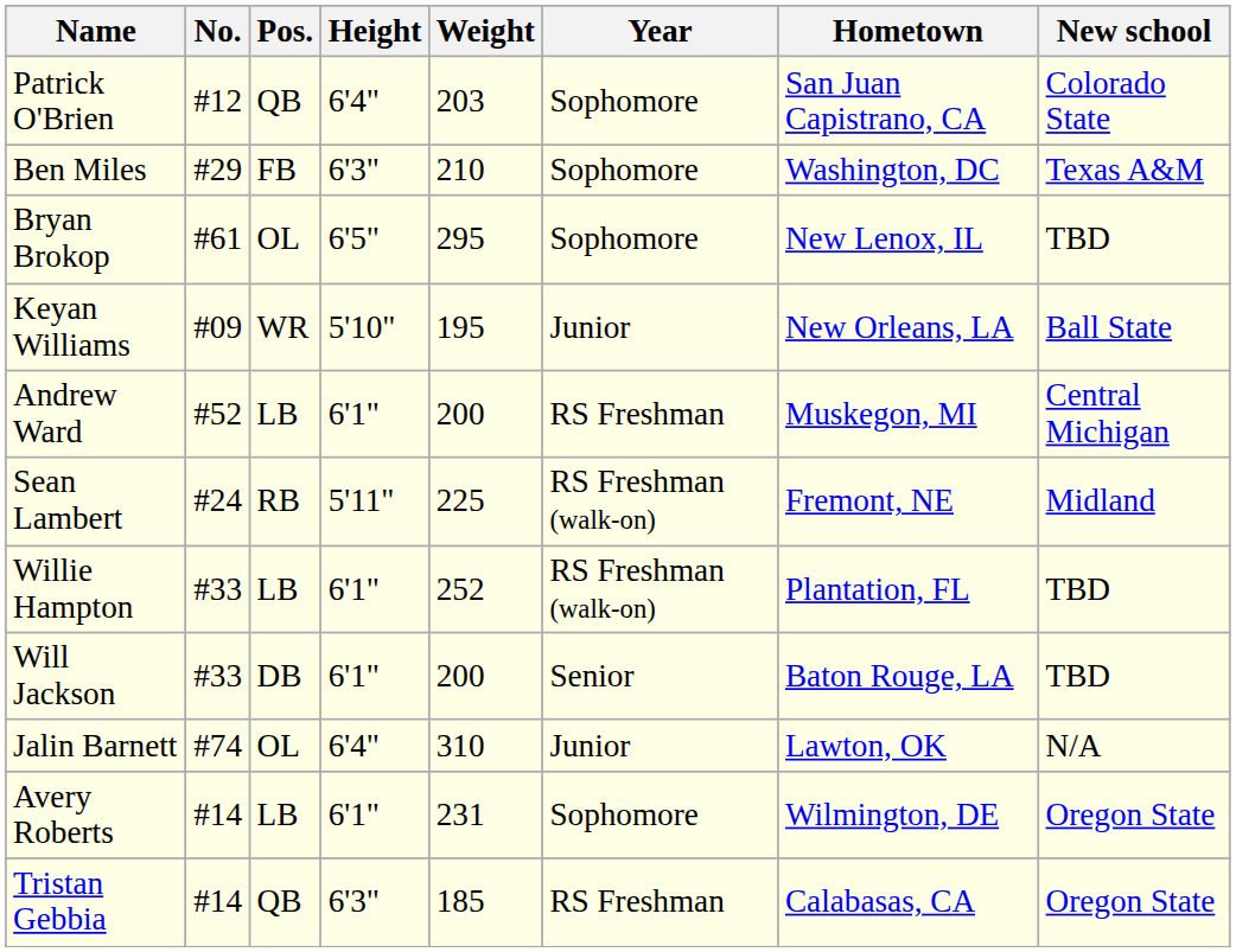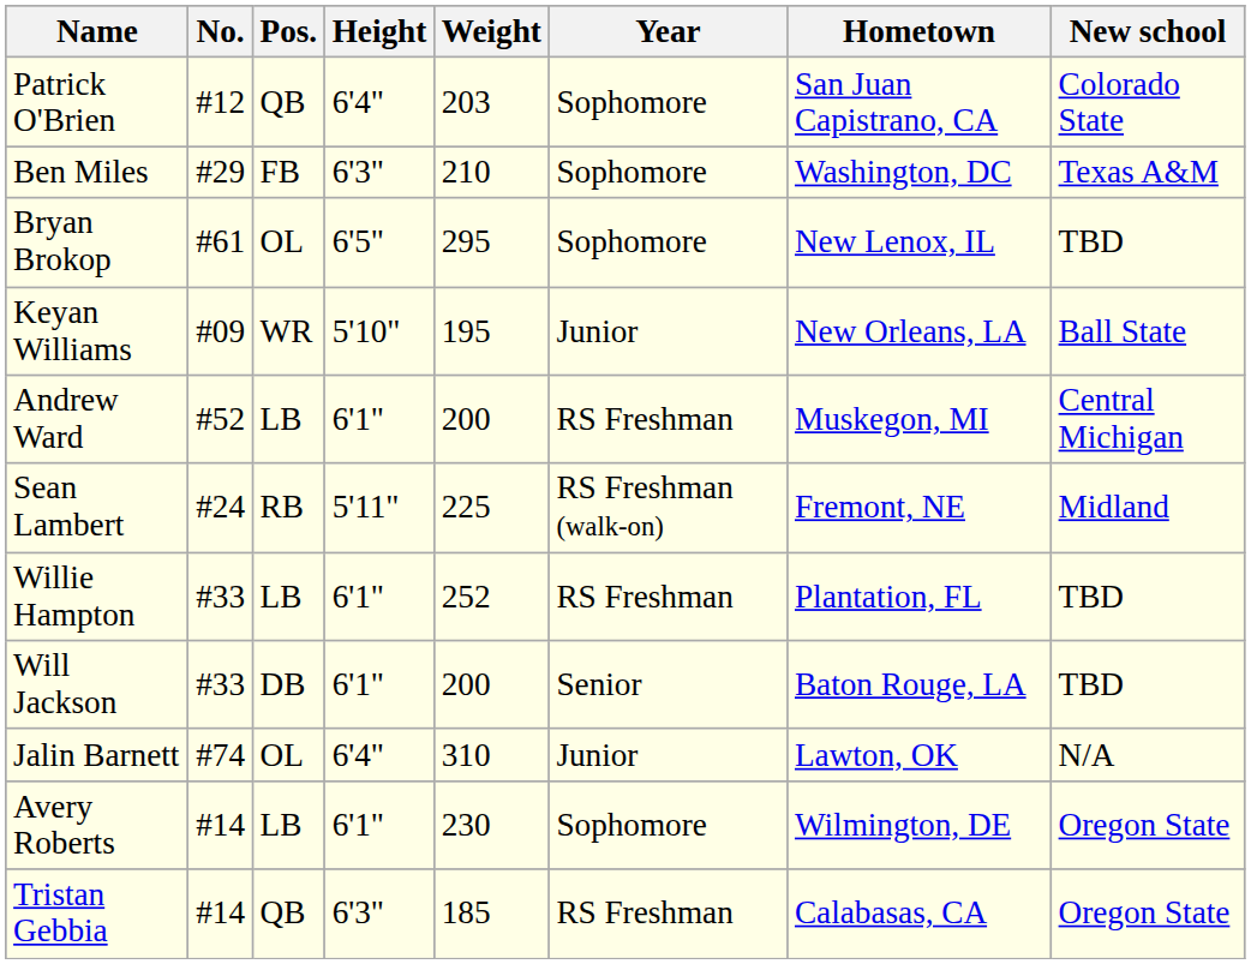 <table class="wikitable sortable">
 <tr>
 <th>Name</th>
 <th>No.</th>
 <th>Pos.</th>
 <th>Height</th>
 <th>Weight</th>
 <th>Year</th>
 <th>Hometown</th>
 <th class="unsortable">New school</th>
 </tr>
 <tr style="background:#FFFFE6;">
 <td>Patrick O'Brien</td>
 <td>#12</td>
 <td>QB</td>
 <td>6'4"</td>
 <td>203</td>
 <td>Sophomore</td>
 <td><a href='#'>San Juan Capistrano, CA</a></td>
 <td><a href='#'>Colorado State</a></td>
 </tr>
 <tr style="background:#FFFFE6;">
 <td>Ben Miles</td>
 <td>#29</td>
 <td>FB</td>
 <td>6'3"</td>
 <td>210</td>
 <td>Sophomore</td>
 <td><a href='#'>Washington, DC</a></td>
 <td><a href='#'>Texas A&M</a></td>
 </tr>
 <tr style="background:#FFFFE6;">
 <td>Bryan Brokop</td>
 <td>#61</td>
 <td>OL</td>
 <td>6'5"</td>
 <td>295</td>
 <td>Sophomore</td>
 <td><a href='#'>New Lenox, IL</a></td>
 <td>TBD</td>
 </tr>
 <tr style="background:#FFFFE6;">
 <td>Keyan Williams</td>
 <td>#09</td>
 <td>WR</td>
 <td>5'10"</td>
 <td>195</td>
 <td>Junior</td>
 <td><a href='#'>New Orleans, LA</a></td>
 <td><a href='#'>Ball State</a></td>
 </tr>
 <tr style="background:#FFFFE6;">
 <td>Andrew Ward</td>
 <td>#52</td>
 <td>LB</td>
 <td>6'1"</td>
 <td>200</td>
 <td>RS Freshman</td>
 <td><a href='#'>Muskegon, MI</a></td>
 <td><a href='#'>Central Michigan</a></td>
 </tr>
 <tr style="background:#FFFFE6;">
 <td>Sean Lambert</td>
 <td>#24</td>
 <td>RB</td>
 <td>5'11"</td>
 <td>225</td>
 <td>RS Freshman <small>(walk-on)</small></td>
 <td><a href='#'>Fremont, NE</a></td>
 <td><a href='#'>Midland</a></td>
 </tr>
 <tr style="background:#FFFFE6;">
 <td>Willie Hampton</td>
 <td>#33</td>
 <td>LB</td>
 <td>6'1"</td>
 <td>252</td>
-<td>RS Freshman <small>(walk-on)</small></td>
+<td>RS Freshman</td>
 <td><a href='#'>Plantation, FL</a></td>
 <td>TBD</td>
 </tr>
 <tr style="background:#FFFFE6;">
 <td>Will Jackson</td>
 <td>#33</td>
 <td>DB</td>
 <td>6'1"</td>
 <td>200</td>
 <td>Senior</td>
 <td><a href='#'>Baton Rouge, LA</a></td>
 <td>TBD</td>
 </tr>
 <tr style="background:#FFFFE6;">
 <td>Jalin Barnett</td>
 <td>#74</td>
 <td>OL</td>
 <td>6'4"</td>
 <td>310</td>
 <td>Junior</td>
 <td><a href='#'>Lawton, OK</a></td>
 <td>N/A</td>
 </tr>
 <tr style="background:#FFFFE6;">
 <td>Avery Roberts</td>
 <td>#14</td>
 <td>LB</td>
 <td>6'1"</td>
-<td>231</td>
+<td>230</td>
 <td>Sophomore</td>
 <td><a href='#'>Wilmington, DE</a></td>
 <td><a href='#'>Oregon State</a></td>
 </tr>
 <tr style="background:#FFFFE6;">
 <td><a href='#'>Tristan Gebbia</a></td>
 <td>#14</td>
 <td>QB</td>
 <td>6'3"</td>
 <td>185</td>
 <td>RS Freshman</td>
 <td><a href='#'>Calabasas, CA</a></td>
 <td><a href='#'>Oregon State</a></td>
 </tr>
 </table>
